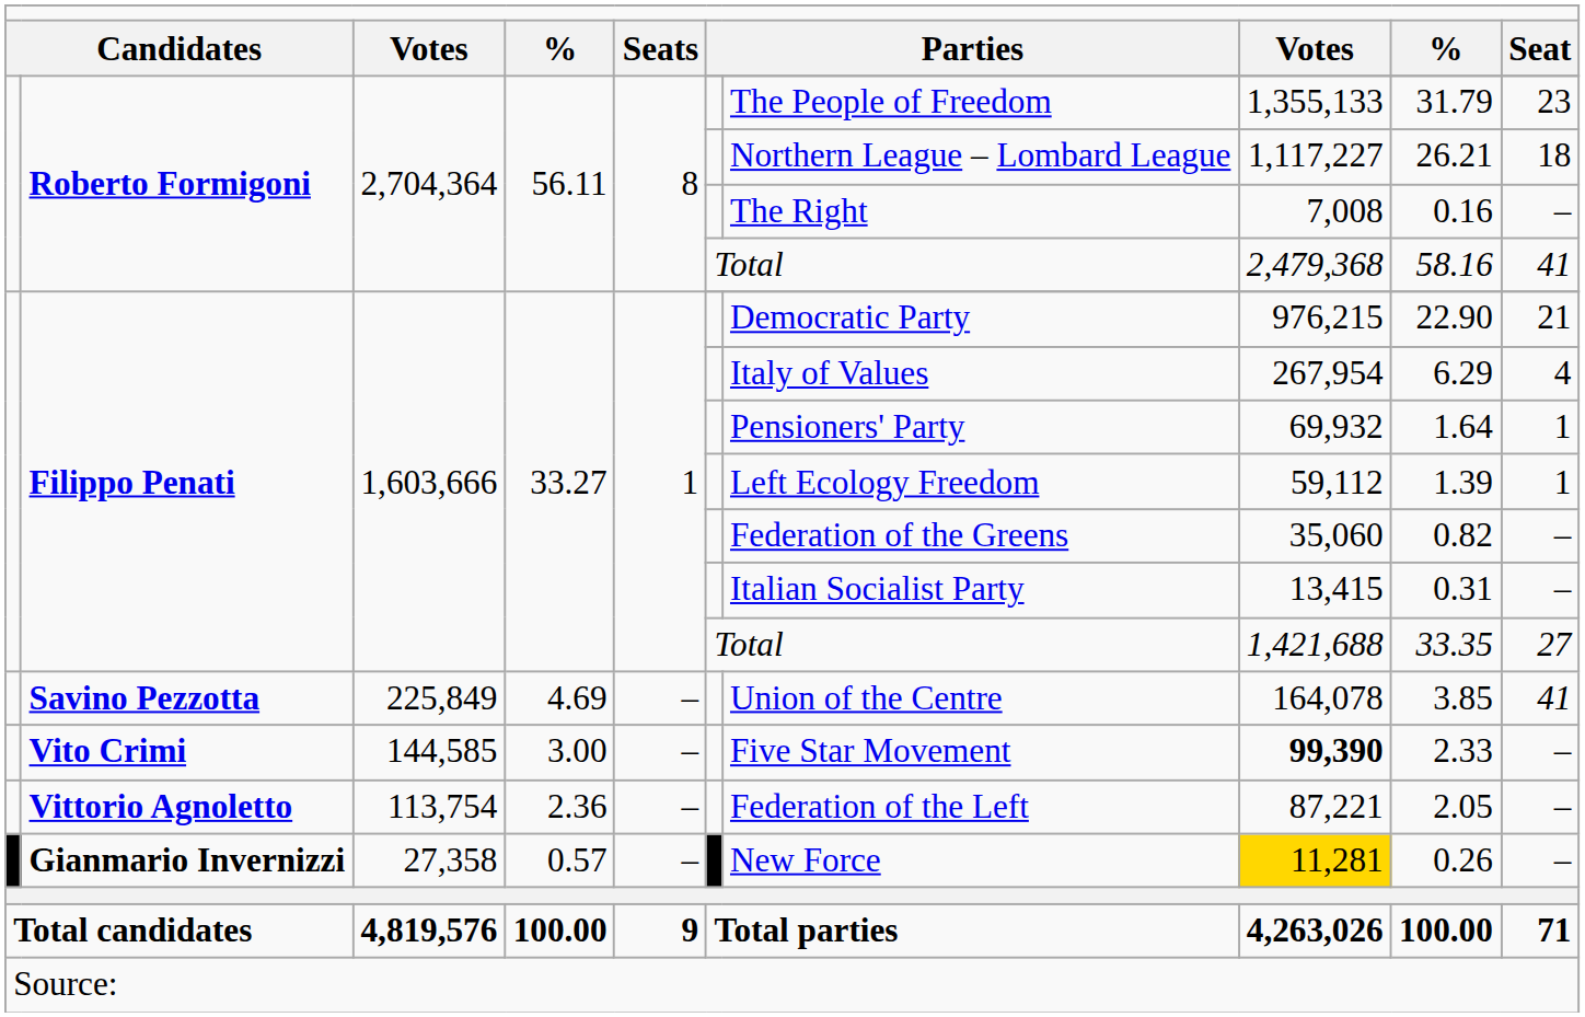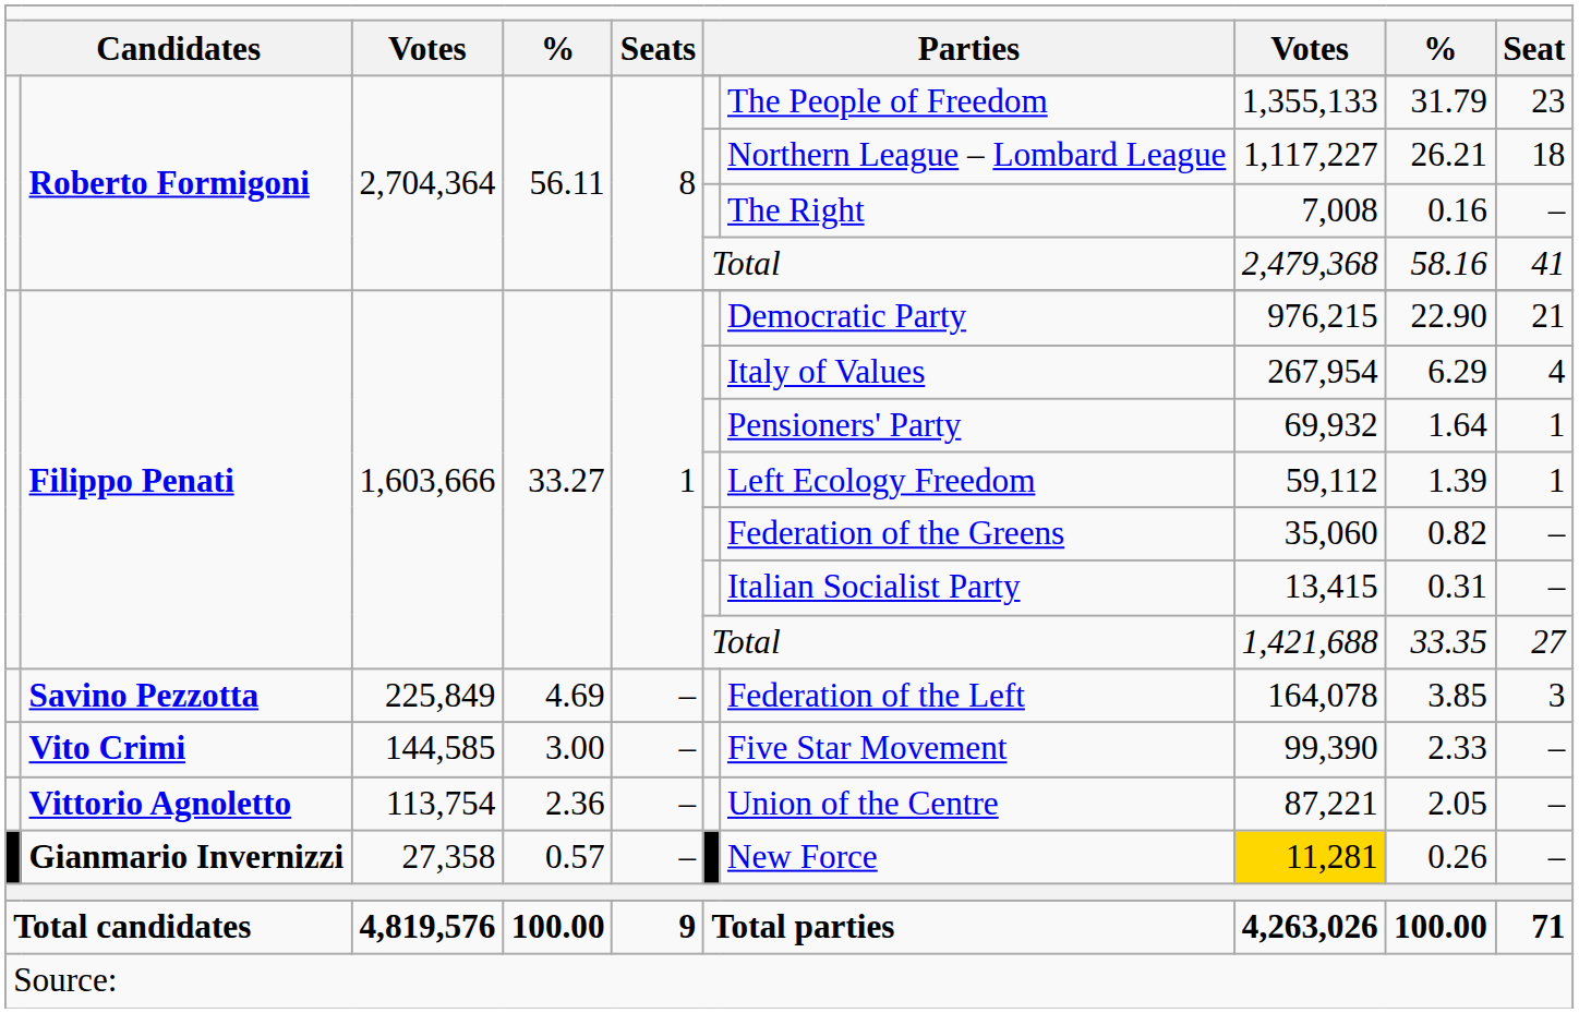 <table class="wikitable">
 <tr>
 <td colspan=10></td>
 </tr>
 <tr>
 <th colspan=2>Candidates</th>
 <th>Votes</th>
 <th>%</th>
 <th>Seats</th>
 <th colspan=2>Parties</th>
 <th>Votes</th>
 <th>%</th>
 <th>Seat</th>
 </tr>
 <tr>
 <td rowspan=5></td>
 <td rowspan=5><strong><a href='#'>Roberto Formigoni</a></strong></td>
 <td rowspan=5 align=right>2,704,364</td>
 <td rowspan=5 align=right>56.11</td>
 <td rowspan=5 align=right>8</td>
 </tr>
 <tr>
 <td></td>
 <td><a href='#'>The People of Freedom</a></td>
 <td align=right>1,355,133</td>
 <td align=right>31.79</td>
 <td align=right>23</td>
 </tr>
 <tr>
 <td></td>
 <td><a href='#'>Northern League</a> – <a href='#'>Lombard League</a></td>
 <td align=right>1,117,227</td>
 <td align=right>26.21</td>
 <td align=right>18</td>
 </tr>
 <tr>
 <td></td>
 <td><a href='#'>The Right</a></td>
 <td align=right>7,008</td>
 <td align=right>0.16</td>
 <td align=right>–</td>
 </tr>
 <tr>
 <td colspan=2><em>Total</em></td>
 <td align=right><em>2,479,368</em></td>
 <td align=right><em>58.16</em></td>
 <td align=right><em>41</em></td>
 </tr>
 <tr>
 <td rowspan=8></td>
 <td rowspan=8><strong><a href='#'>Filippo Penati</a></strong></td>
 <td rowspan=8 align=right>1,603,666</td>
 <td rowspan=8 align=right>33.27</td>
 <td rowspan=8 align=right>1</td>
 </tr>
 <tr>
 <td></td>
 <td><a href='#'>Democratic Party</a></td>
 <td align=right>976,215</td>
 <td align=right>22.90</td>
 <td align=right>21</td>
 </tr>
 <tr>
 <td></td>
 <td><a href='#'>Italy of Values</a></td>
 <td align=right>267,954</td>
 <td align=right>6.29</td>
 <td align=right>4</td>
 </tr>
 <tr>
 <td></td>
 <td><a href='#'>Pensioners' Party</a></td>
 <td align=right>69,932</td>
 <td align=right>1.64</td>
 <td align=right>1</td>
 </tr>
 <tr>
 <td></td>
 <td><a href='#'>Left Ecology Freedom</a></td>
 <td align=right>59,112</td>
 <td align=right>1.39</td>
 <td align=right>1</td>
 </tr>
 <tr>
 <td></td>
 <td><a href='#'>Federation of the Greens</a></td>
 <td align=right>35,060</td>
 <td align=right>0.82</td>
 <td align=right>–</td>
 </tr>
 <tr>
 <td></td>
 <td><a href='#'>Italian Socialist Party</a></td>
 <td align=right>13,415</td>
 <td align=right>0.31</td>
 <td align=right>–</td>
 </tr>
 <tr>
 <td colspan=2><em>Total</em></td>
 <td align=right><em>1,421,688</em></td>
 <td align=right><em>33.35</em></td>
 <td align=right><em>27</em></td>
 </tr>
 <tr>
 <td></td>
 <td><strong><a href='#'>Savino Pezzotta</a></strong></td>
 <td align=right>225,849</td>
 <td align=right>4.69</td>
 <td align=right>–</td>
 <td></td>
-<td><a href='#'>Union of the Centre</a></td>
+<td><a href='#'>Federation of the Left</a></td>
 <td align=right>164,078</td>
 <td align=right>3.85</td>
-<td align=right><em>41</em></td>
+<td align=right>3</td>
 </tr>
 <tr>
 <td></td>
 <td><strong><a href='#'>Vito Crimi</a></strong></td>
 <td align=right>144,585</td>
 <td align=right>3.00</td>
 <td align=right>–</td>
 <td></td>
 <td><a href='#'>Five Star Movement</a></td>
-<td align=right><strong>99,390</strong></td>
+<td align=right>99,390</td>
 <td align=right>2.33</td>
 <td align=right>–</td>
 </tr>
 <tr>
 <td></td>
 <td><strong><a href='#'>Vittorio Agnoletto</a></strong></td>
 <td align=right>113,754</td>
 <td align=right>2.36</td>
 <td align=right>–</td>
 <td></td>
-<td><a href='#'>Federation of the Left</a></td>
+<td><a href='#'>Union of the Centre</a></td>
 <td align=right>87,221</td>
 <td align=right>2.05</td>
 <td align=right>–</td>
 </tr>
 <tr>
 <td bgcolor="black"></td>
 <td><strong>Gianmario Invernizzi</strong></td>
 <td align=right>27,358</td>
 <td align=right>0.57</td>
 <td align=right>–</td>
 <td bgcolor="black"></td>
 <td><a href='#'>New Force</a></td>
 <td align=right style="background: gold;">11,281</td>
 <td align=right>0.26</td>
 <td align=right>–</td>
 </tr>
 <tr>
 <th colspan=10></th>
 </tr>
 <tr>
 <td colspan=2><strong>Total candidates</strong></td>
 <td align=right><strong>4,819,576</strong></td>
 <td align=right><strong>100.00</strong></td>
 <td align=right><strong>9</strong></td>
 <td colspan=2><strong>Total parties</strong></td>
 <td align=right><strong>4,263,026</strong></td>
 <td align=right><strong>100.00</strong></td>
 <td align=right><strong>71</strong></td>
 </tr>
 <tr>
 <td colspan=10>Source: </td>
 </tr>
 </table>
